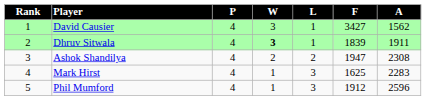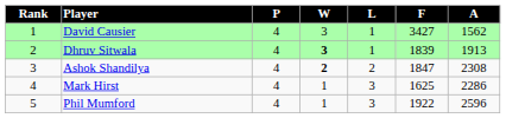 <table border="2" cellpadding="2" cellspacing="0" style="margin: 0; background: #f9f9f9; border: 1px #aaa solid; border-collapse: collapse; font-size: 100%;" width=50%>
 <tr>
 <th bgcolor="000000" style="color:white; text-align:center" width=5%>Rank</th>
 <th bgcolor="000000" style="color:white; text-align:left" width=20%>Player</th>
 <th bgcolor="000000" style="color:white; text-align:center" width=5%>P</th>
 <th bgcolor="000000" style="color:white; text-align:center" width=5%>W</th>
 <th bgcolor="000000" style="color:white; text-align:center" width=5%>L</th>
 <th bgcolor="000000" style="color:white; text-align:center" width=5%>F</th>
 <th bgcolor="000000" style="color:white; text-align:center" width=5%>A</th>
 </tr>
 <tr>
 <td style="text-align:center; background:#aaffaa">1</td>
 <td style="text-align:left; background:#aaffaa"> <a href='#'>David Causier</a></td>
 <td style="text-align:center; background:#aaffaa">4</td>
 <td style="text-align:center; background:#aaffaa">3</td>
 <td style="text-align:center; background:#aaffaa">1</td>
 <td style="text-align:center; background:#aaffaa">3427</td>
 <td style="text-align:center; background:#aaffaa">1562</td>
 </tr>
 <tr>
 <td style="text-align:center; background:#aaffaa">2</td>
 <td style="text-align:left; background:#aaffaa"> <a href='#'>Dhruv Sitwala</a></td>
 <td style="text-align:center; background:#aaffaa">4</td>
 <td style="text-align:center; background:#aaffaa"><strong>3</strong></td>
 <td style="text-align:center; background:#aaffaa">1</td>
 <td style="text-align:center; background:#aaffaa">1839</td>
-<td style="text-align:center; background:#aaffaa">1911</td>
+<td style="text-align:center; background:#aaffaa">1913</td>
 </tr>
 <tr>
 <td style="text-align:center">3</td>
 <td style="text-align:left;"> <a href='#'>Ashok Shandilya</a></td>
 <td style="text-align:center;">4</td>
+<td style="text-align:center;"><strong>2</strong></td>
 <td style="text-align:center;">2</td>
-<td style="text-align:center;">2</td>
-<td style="text-align:center;">1947</td>
+<td style="text-align:center;">1847</td>
 <td style="text-align:center;">2308</td>
 </tr>
 <tr>
 <td style="text-align:center">4</td>
 <td style="text-align:left;"> <a href='#'>Mark Hirst</a></td>
 <td style="text-align:center;">4</td>
 <td style="text-align:center;">1</td>
 <td style="text-align:center;">3</td>
 <td style="text-align:center;">1625</td>
-<td style="text-align:center;">2283</td>
+<td style="text-align:center;">2286</td>
 </tr>
 <tr>
 <td style="text-align:center">5</td>
 <td style="text-align:left;"> <a href='#'>Phil Mumford</a></td>
 <td style="text-align:center;">4</td>
 <td style="text-align:center;">1</td>
 <td style="text-align:center;">3</td>
-<td style="text-align:center;">1912</td>
+<td style="text-align:center;">1922</td>
 <td style="text-align:center;">2596</td>
 </tr>
 </table>
